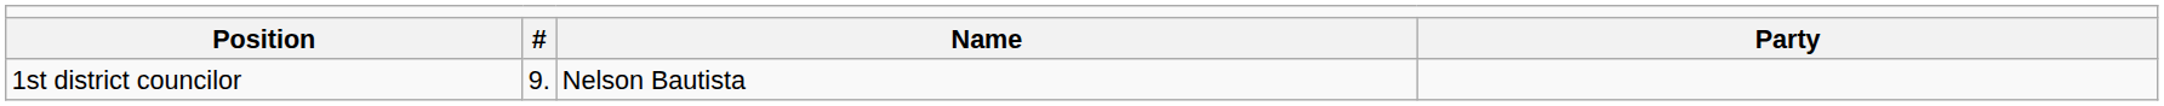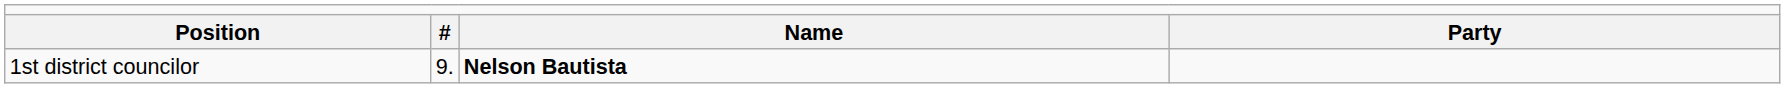 <table class=wikitable style="font-size:95%" width=99%>
 <tr>
 <td colspan="5"></td>
 </tr>
 <tr>
 <th width=24%>Position</th>
 <th width=1%>#</th>
 <th width=40%>Name</th>
 <th colspan=2>Party</th>
 </tr>
 <tr>
 <td>1st district councilor</td>
 <td>9.</td>
-<td>Nelson Bautista</td>
+<td><strong>Nelson Bautista</strong></td>
 <td></td>
 </tr>
 </table>
